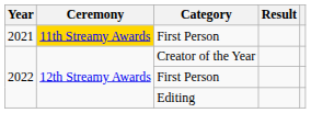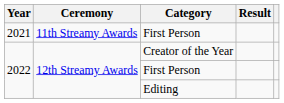 <table class="wikitable">
 <tr>
 <th>Year</th>
 <th>Ceremony</th>
 <th>Category</th>
 <th>Result</th>
 <th></th>
 </tr>
 <tr>
 <td>2021</td>
-<td style="background: gold;"><a href='#'>11th Streamy Awards</a></td>
+<td><a href='#'>11th Streamy Awards</a></td>
 <td>First Person</td>
 <td></td>
 <td></td>
 </tr>
 <tr>
 <td rowspan="3">2022</td>
 <td rowspan="3"><a href='#'>12th Streamy Awards</a></td>
 <td>Creator of the Year</td>
 <td></td>
 <td></td>
 </tr>
 <tr>
 <td>First Person</td>
 <td></td>
 <td></td>
 </tr>
 <tr>
 <td>Editing</td>
 <td></td>
 <td></td>
 </tr>
 </table>
